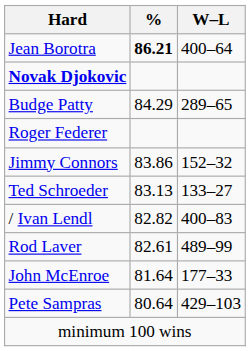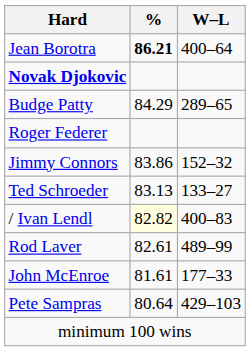 <table class=wikitable style="display:inline-table; font-size: 95%;">
 <tr>
 <th>Hard</th>
 <th>%</th>
 <th>W–L</th>
 </tr>
 <tr>
 <td> <a href='#'>Jean Borotra</a></td>
 <td><strong>86.21</strong></td>
 <td>400–64</td>
 </tr>
 <tr>
 <td> <strong><a href='#'>Novak Djokovic</a></strong></td>
 <td></td>
 </tr>
 <tr>
 <td> <a href='#'>Budge Patty</a></td>
 <td>84.29</td>
 <td>289–65</td>
 </tr>
 <tr>
 <td> <a href='#'>Roger Federer</a></td>
 <td></td>
 </tr>
 <tr>
 <td> <a href='#'>Jimmy Connors</a></td>
 <td>83.86</td>
 <td>152–32</td>
 </tr>
 <tr>
 <td> <a href='#'>Ted Schroeder</a></td>
 <td>83.13</td>
 <td>133–27</td>
 </tr>
 <tr>
 <td>/ <a href='#'>Ivan Lendl</a></td>
-<td>82.82</td>
+<td style="background: lightyellow;">82.82</td>
 <td>400–83</td>
 </tr>
 <tr>
 <td> <a href='#'>Rod Laver</a></td>
 <td>82.61</td>
 <td>489–99</td>
 </tr>
 <tr>
 <td> <a href='#'>John McEnroe</a></td>
-<td>81.64</td>
+<td>81.61</td>
 <td>177–33</td>
 </tr>
 <tr>
 <td> <a href='#'>Pete Sampras</a></td>
 <td>80.64</td>
 <td>429–103</td>
 </tr>
 <tr>
 <td colspan="3" style="text-align:center;">minimum 100 wins</td>
 </tr>
 </table>
